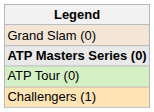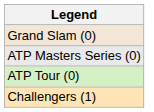 <table class=wikitable>
 <tr>
 <th>Legend</th>
 </tr>
 <tr style="background:#f3e6d7;">
 <td>Grand Slam (0)</td>
 </tr>
 <tr style="background:#e9e9e9;">
-<td><strong>ATP Masters Series (0)</strong></td>
+<td>ATP Masters Series (0)</td>
 </tr>
 <tr style="background:#d4f1c5;">
 <td>ATP Tour (0)</td>
 </tr>
 <tr bgcolor=moccasin>
 <td>Challengers (1)</td>
 </tr>
 </table>
